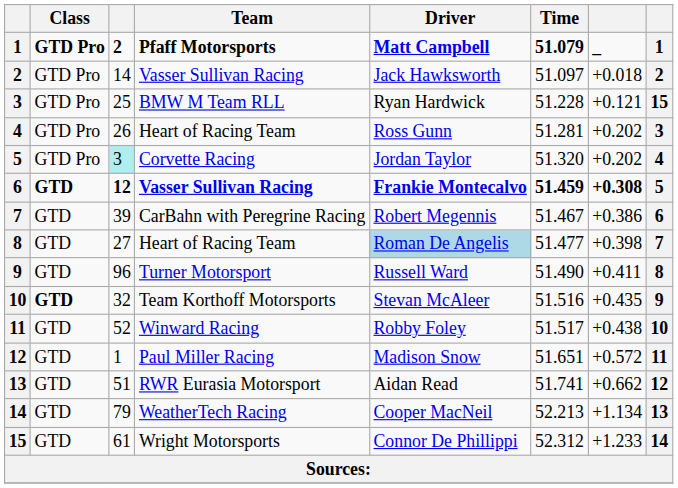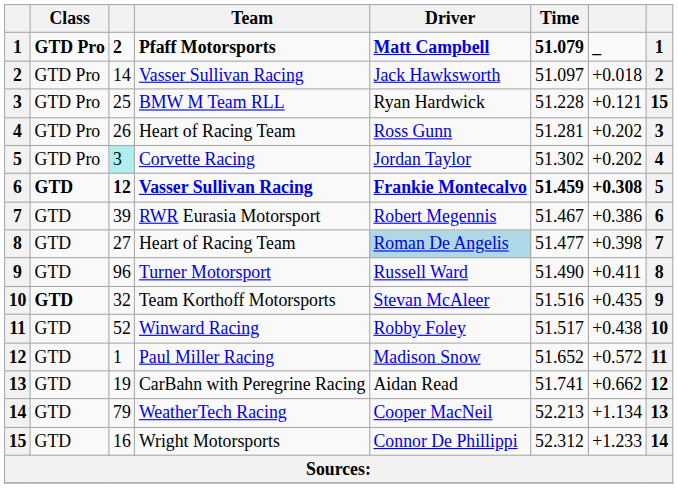 <table class="wikitable">
 <tr>
 <th scope="col"></th>
 <th scope="col">Class</th>
 <th scope="col"></th>
 <th scope="col">Team</th>
 <th scope="col">Driver</th>
 <th scope="col">Time</th>
 <th scope="col"></th>
 <th scope="col"></th>
 </tr>
 <tr style="font-weight:bold">
 <th scope="row">1</th>
 <td>GTD Pro</td>
 <td>2</td>
 <td> Pfaff Motorsports</td>
 <td> <a href='#'>Matt Campbell</a></td>
 <td>51.079</td>
 <td>_</td>
 <th><strong>1</strong></th>
 </tr>
 <tr>
 <th scope="row">2</th>
 <td>GTD Pro</td>
 <td>14</td>
 <td> <a href='#'>Vasser Sullivan Racing</a></td>
 <td> <a href='#'>Jack Hawksworth</a></td>
 <td>51.097</td>
 <td>+0.018</td>
 <th>2</th>
 </tr>
 <tr>
 <th scope="row">3</th>
 <td>GTD Pro</td>
 <td>25</td>
 <td> <a href='#'>BMW M Team RLL</a></td>
 <td> Ryan Hardwick</td>
 <td>51.228</td>
 <td>+0.121</td>
 <th>15</th>
 </tr>
 <tr>
 <th scope="row">4</th>
 <td>GTD Pro</td>
 <td>26</td>
 <td> Heart of Racing Team</td>
 <td> <a href='#'>Ross Gunn</a></td>
 <td>51.281</td>
 <td>+0.202</td>
 <th>3</th>
 </tr>
 <tr>
 <th scope="row">5</th>
 <td>GTD Pro</td>
 <td style="background: paleturquoise;">3</td>
 <td> <a href='#'>Corvette Racing</a></td>
 <td> <a href='#'>Jordan Taylor</a></td>
-<td>51.320</td>
+<td>51.302</td>
 <td>+0.202</td>
 <th>4</th>
 </tr>
 <tr style="font-weight:bold">
 <th scope="row">6</th>
 <td>GTD</td>
 <td>12</td>
 <td> <a href='#'>Vasser Sullivan Racing</a></td>
 <td> <a href='#'>Frankie Montecalvo</a></td>
 <td>51.459</td>
 <td>+0.308</td>
 <th><strong>5</strong></th>
 </tr>
 <tr>
 <th scope="row">7</th>
 <td>GTD</td>
 <td>39</td>
-<td> CarBahn with Peregrine Racing</td>
+<td> <a href='#'>RWR</a> Eurasia Motorsport</td>
 <td> <a href='#'>Robert Megennis</a></td>
 <td>51.467</td>
 <td>+0.386</td>
 <th>6</th>
 </tr>
 <tr>
 <th scope="row">8</th>
 <td>GTD</td>
 <td>27</td>
 <td> Heart of Racing Team</td>
 <td style="background: lightblue;"> <a href='#'>Roman De Angelis</a></td>
 <td>51.477</td>
 <td>+0.398</td>
 <th>7</th>
 </tr>
 <tr>
 <th scope="row">9</th>
 <td>GTD</td>
 <td>96</td>
 <td> <a href='#'>Turner Motorsport</a></td>
 <td> <a href='#'>Russell Ward</a></td>
 <td>51.490</td>
 <td>+0.411</td>
 <th>8</th>
 </tr>
 <tr>
 <th scope="row">10</th>
 <td><strong>GTD</strong></td>
 <td>32</td>
 <td> Team Korthoff Motorsports</td>
 <td> <a href='#'>Stevan McAleer</a></td>
 <td>51.516</td>
 <td>+0.435</td>
 <th>9</th>
 </tr>
 <tr>
 <th scope="row">11</th>
 <td>GTD</td>
 <td>52</td>
 <td> <a href='#'>Winward Racing</a></td>
 <td> <a href='#'>Robby Foley</a></td>
 <td>51.517</td>
 <td>+0.438</td>
 <th>10</th>
 </tr>
 <tr>
 <th scope="row">12</th>
 <td>GTD</td>
 <td>1</td>
 <td> <a href='#'>Paul Miller Racing</a></td>
 <td> <a href='#'>Madison Snow</a></td>
-<td>51.651</td>
+<td>51.652</td>
 <td>+0.572</td>
 <th>11</th>
 </tr>
 <tr>
 <th scope="row">13</th>
 <td>GTD</td>
-<td>51</td>
-<td> <a href='#'>RWR</a> Eurasia Motorsport</td>
+<td>19</td>
+<td> CarBahn with Peregrine Racing</td>
 <td> Aidan Read</td>
 <td>51.741</td>
 <td>+0.662</td>
 <th>12</th>
 </tr>
 <tr>
 <th scope="row">14</th>
 <td>GTD</td>
 <td>79</td>
 <td> <a href='#'>WeatherTech Racing</a></td>
 <td> <a href='#'>Cooper MacNeil</a></td>
 <td>52.213</td>
 <td>+1.134</td>
 <th>13</th>
 </tr>
 <tr>
 <th scope="row">15</th>
 <td>GTD</td>
-<td>61</td>
+<td>16</td>
 <td> Wright Motorsports</td>
 <td> <a href='#'>Connor De Phillippi</a></td>
 <td>52.312</td>
 <td>+1.233</td>
 <th>14</th>
 </tr>
 <tr>
 <th colspan=8>Sources:</th>
 </tr>
 <tr>
 </tr>
 </table>
